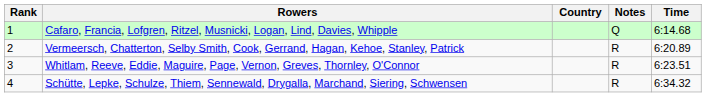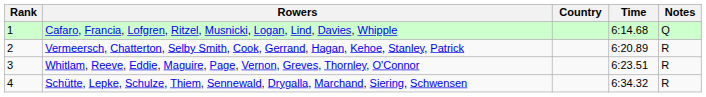 <table class="wikitable sortable" width=80%>
 <tr>
 <th>Rank</th>
 <th>Rowers</th>
 <th>Country</th>
+<th>Time</th>
 <th>Notes</th>
-<th>Time</th>
 </tr>
 <tr bgcolor=ccffcc>
 <td>1</td>
 <td><a href='#'>Cafaro</a>, <a href='#'>Francia</a>, <a href='#'>Lofgren</a>, <a href='#'>Ritzel</a>, <a href='#'>Musnicki</a>, <a href='#'>Logan</a>, <a href='#'>Lind</a>, <a href='#'>Davies</a>, <a href='#'>Whipple</a></td>
 <td></td>
+<td>6:14.68</td>
 <td>Q</td>
-<td>6:14.68</td>
 </tr>
 <tr>
 <td>2</td>
 <td><a href='#'>Vermeersch</a>, <a href='#'>Chatterton</a>, <a href='#'>Selby Smith</a>, <a href='#'>Cook</a>, <a href='#'>Gerrand</a>, <a href='#'>Hagan</a>, <a href='#'>Kehoe</a>, <a href='#'>Stanley</a>, <a href='#'>Patrick</a></td>
 <td></td>
+<td>6:20.89</td>
 <td>R</td>
-<td>6:20.89</td>
 </tr>
 <tr>
 <td>3</td>
 <td><a href='#'>Whitlam</a>, <a href='#'>Reeve</a>, <a href='#'>Eddie</a>, <a href='#'>Maguire</a>, <a href='#'>Page</a>, <a href='#'>Vernon</a>, <a href='#'>Greves</a>, <a href='#'>Thornley</a>, <a href='#'>O'Connor</a></td>
 <td></td>
+<td>6:23.51</td>
 <td>R</td>
-<td>6:23.51</td>
 </tr>
 <tr>
 <td>4</td>
 <td><a href='#'>Schütte</a>, <a href='#'>Lepke</a>, <a href='#'>Schulze</a>, <a href='#'>Thiem</a>, <a href='#'>Sennewald</a>, <a href='#'>Drygalla</a>, <a href='#'>Marchand</a>, <a href='#'>Siering</a>, <a href='#'>Schwensen</a></td>
 <td></td>
+<td>6:34.32</td>
 <td>R</td>
-<td>6:34.32</td>
 </tr>
 </table>
